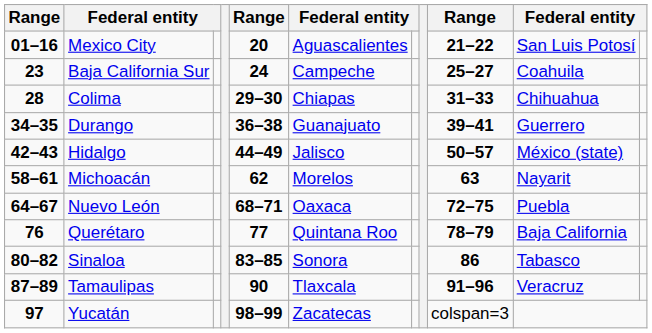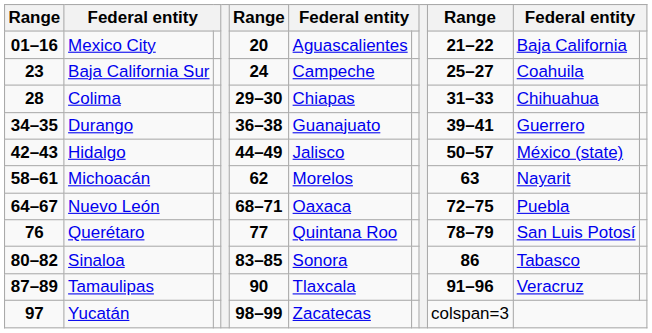 <table class=wikitable>
 <tr>
 <th>Range</th>
 <th colspan=2>Federal entity</th>
 <th rowspan=12></th>
 <th>Range</th>
 <th colspan=2>Federal entity</th>
 <th rowspan=12></th>
 <th>Range</th>
 <th colspan=2>Federal entity</th>
 </tr>
 <tr>
 <td align=center><strong>01–16</strong></td>
 <td><a href='#'>Mexico City</a></td>
 <td></td>
 <td align=center><strong>20</strong></td>
 <td><a href='#'>Aguascalientes</a></td>
 <td></td>
 <td align=center><strong>21–22</strong></td>
-<td><a href='#'>San Luis Potosí</a></td>
+<td><a href='#'>Baja California</a></td>
 <td></td>
 </tr>
 <tr>
 <td align=center><strong>23</strong></td>
 <td><a href='#'>Baja California Sur</a></td>
 <td></td>
 <td align=center><strong>24</strong></td>
 <td><a href='#'>Campeche</a></td>
 <td></td>
 <td align=center><strong>25–27</strong></td>
 <td><a href='#'>Coahuila</a></td>
 <td></td>
 </tr>
 <tr>
 <td align=center><strong>28</strong></td>
 <td><a href='#'>Colima</a></td>
 <td></td>
 <td align=center><strong>29–30</strong></td>
 <td><a href='#'>Chiapas</a></td>
 <td></td>
 <td align=center><strong>31–33</strong></td>
 <td><a href='#'>Chihuahua</a></td>
 <td></td>
 </tr>
 <tr>
 <td align=center><strong>34–35</strong></td>
 <td><a href='#'>Durango</a></td>
 <td></td>
 <td align=center><strong>36–38</strong></td>
 <td><a href='#'>Guanajuato</a></td>
 <td></td>
 <td align=center><strong>39–41</strong></td>
 <td><a href='#'>Guerrero</a></td>
 <td></td>
 </tr>
 <tr>
 <td align=center><strong>42–43</strong></td>
 <td><a href='#'>Hidalgo</a></td>
 <td></td>
 <td align=center><strong>44–49</strong></td>
 <td><a href='#'>Jalisco</a></td>
 <td></td>
 <td align=center><strong>50–57</strong></td>
 <td><a href='#'>México (state)</a></td>
 <td></td>
 </tr>
 <tr>
 <td align=center><strong>58–61</strong></td>
 <td><a href='#'>Michoacán</a></td>
 <td></td>
 <td align=center><strong>62</strong></td>
 <td><a href='#'>Morelos</a></td>
 <td></td>
 <td align=center><strong>63</strong></td>
 <td><a href='#'>Nayarit</a></td>
 <td></td>
 </tr>
 <tr>
 <td align=center><strong>64–67</strong></td>
 <td><a href='#'>Nuevo León</a></td>
 <td></td>
 <td align=center><strong>68–71</strong></td>
 <td><a href='#'>Oaxaca</a></td>
 <td></td>
 <td align=center><strong>72–75</strong></td>
 <td><a href='#'>Puebla</a></td>
 <td></td>
 </tr>
 <tr>
 <td align=center><strong>76</strong></td>
 <td><a href='#'>Querétaro</a></td>
 <td></td>
 <td align=center><strong>77</strong></td>
 <td><a href='#'>Quintana Roo</a></td>
 <td></td>
 <td align=center><strong>78–79</strong></td>
-<td><a href='#'>Baja California</a></td>
+<td><a href='#'>San Luis Potosí</a></td>
 <td></td>
 </tr>
 <tr>
 <td align=center><strong>80–82</strong></td>
 <td><a href='#'>Sinaloa</a></td>
 <td></td>
 <td align=center><strong>83–85</strong></td>
 <td><a href='#'>Sonora</a></td>
 <td></td>
 <td align=center><strong>86</strong></td>
 <td><a href='#'>Tabasco</a></td>
 <td></td>
 </tr>
 <tr>
 <td align=center><strong>87–89</strong></td>
 <td><a href='#'>Tamaulipas</a></td>
 <td></td>
 <td align=center><strong>90</strong></td>
 <td><a href='#'>Tlaxcala</a></td>
 <td></td>
 <td align=center><strong>91–96</strong></td>
 <td><a href='#'>Veracruz</a></td>
 <td></td>
 </tr>
 <tr>
 <td align=center><strong>97</strong></td>
 <td><a href='#'>Yucatán</a></td>
 <td></td>
 <td align=center><strong>98–99</strong></td>
 <td><a href='#'>Zacatecas</a></td>
 <td></td>
 <td>colspan=3 </td>
 </tr>
 </table>
